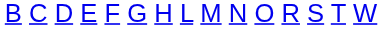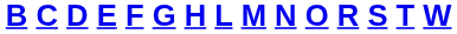 <table id="toc" class="toc" summary="Contents">
 <tr>
 <th></th>
 </tr>
 <tr>
-<td><a href='#'>B</a> <a href='#'>C</a> <a href='#'>D</a> <a href='#'>E</a> <a href='#'>F</a> <a href='#'>G</a> <a href='#'>H</a> <a href='#'>L</a> <a href='#'>M</a> <a href='#'>N</a> <a href='#'>O</a> <a href='#'>R</a> <a href='#'>S</a> <a href='#'>T</a> <a href='#'>W</a> <br><br></td>
+<td><strong><a href='#'>B</a> <a href='#'>C</a> <a href='#'>D</a> <a href='#'>E</a> <a href='#'>F</a> <a href='#'>G</a> <a href='#'>H</a> <a href='#'>L</a> <a href='#'>M</a> <a href='#'>N</a> <a href='#'>O</a> <a href='#'>R</a> <a href='#'>S</a> <a href='#'>T</a> <a href='#'>W</a> <br><br></strong></td>
 </tr>
 </table>
